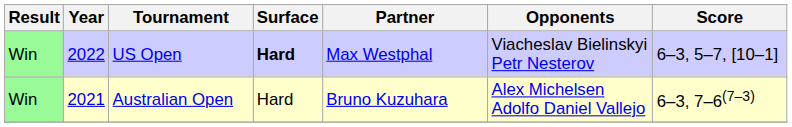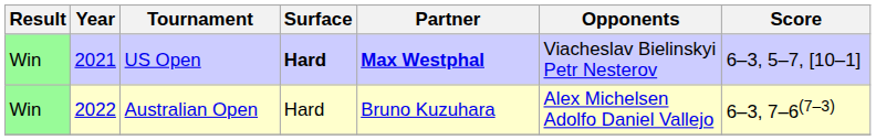 <table class="sortable wikitable">
 <tr>
 <th>Result</th>
 <th>Year</th>
 <th style="width:130px">Tournament</th>
 <th>Surface</th>
 <th style="width:150px">Partner</th>
 <th style="width:150px">Opponents</th>
 <th style="width:120px" class="unsortable">Score</th>
 </tr>
 <tr style="background:#ccf;">
 <td style="background:#98fb98;">Win</td>
-<td><a href='#'>2022</a></td>
+<td><a href='#'>2021</a></td>
 <td><a href='#'>US Open</a></td>
 <td><strong>Hard</strong></td>
-<td> <a href='#'>Max Westphal</a></td>
+<td><strong> <a href='#'>Max Westphal</a></strong></td>
 <td> Viacheslav Bielinskyi<br> <a href='#'>Petr Nesterov</a></td>
 <td>6–3, 5–7, [10–1]</td>
 </tr>
 <tr style="background:#ffc;">
 <td style="background:#98fb98;">Win</td>
-<td><a href='#'>2021</a></td>
+<td><a href='#'>2022</a></td>
 <td><a href='#'>Australian Open</a></td>
 <td>Hard</td>
 <td> <a href='#'>Bruno Kuzuhara</a></td>
 <td> <a href='#'>Alex Michelsen</a><br> <a href='#'>Adolfo Daniel Vallejo</a></td>
 <td>6–3, 7–6<sup>(7–3)</sup></td>
 </tr>
 <tr>
 </tr>
 </table>
